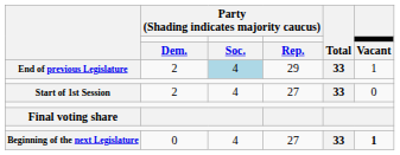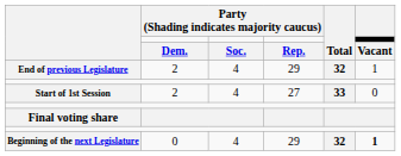 <table class=wikitable style="text-align:center">
 <tr style="vertical-align:bottom;">
 <th rowspan=3></th>
 <th colspan=3>Party <div>(Shading indicates majority caucus)</div></th>
 <th rowspan=3>Total</th>
 <th></th>
 </tr>
 <tr style="height:5px">
 <td style="background-color:"></td>
 <td style="background-color:"></td>
 <td style="background-color:"></td>
 <td style="background:black;"></td>
 </tr>
 <tr>
 <th><a href='#'>Dem.</a></th>
 <th><a href='#'>Soc.</a></th>
 <th><a href='#'>Rep.</a></th>
 <th>Vacant</th>
 </tr>
 <tr>
 <th style="font-size:80%;">End of <a href='#'>previous Legislature</a></th>
 <td>2</td>
-<td style="background: lightblue;">4</td>
+<td>4</td>
 <td>29</td>
-<th>33</th>
+<th>32</th>
 <td>1</td>
 </tr>
 <tr>
 <td colspan=6></td>
 </tr>
 <tr>
 <th style="font-size:80%;">Start of 1st Session</th>
 <td>2</td>
 <td>4</td>
 <td>27</td>
 <th>33</th>
 <td>0</td>
 </tr>
 <tr>
 <td colspan=6></td>
 </tr>
 <tr>
 <th>Final voting share</th>
 <th colspan=2></th>
 <th></th>
 <th colspan=2></th>
 </tr>
 <tr>
 <td colspan=6></td>
 </tr>
 <tr>
 <th style="font-size:80%;">Beginning of the <a href='#'>next Legislature</a></th>
 <td>0</td>
 <td>4</td>
-<td>27</td>
-<th>33</th>
+<td>29</td>
+<th>32</th>
 <td><strong>1</strong></td>
 </tr>
 </table>
